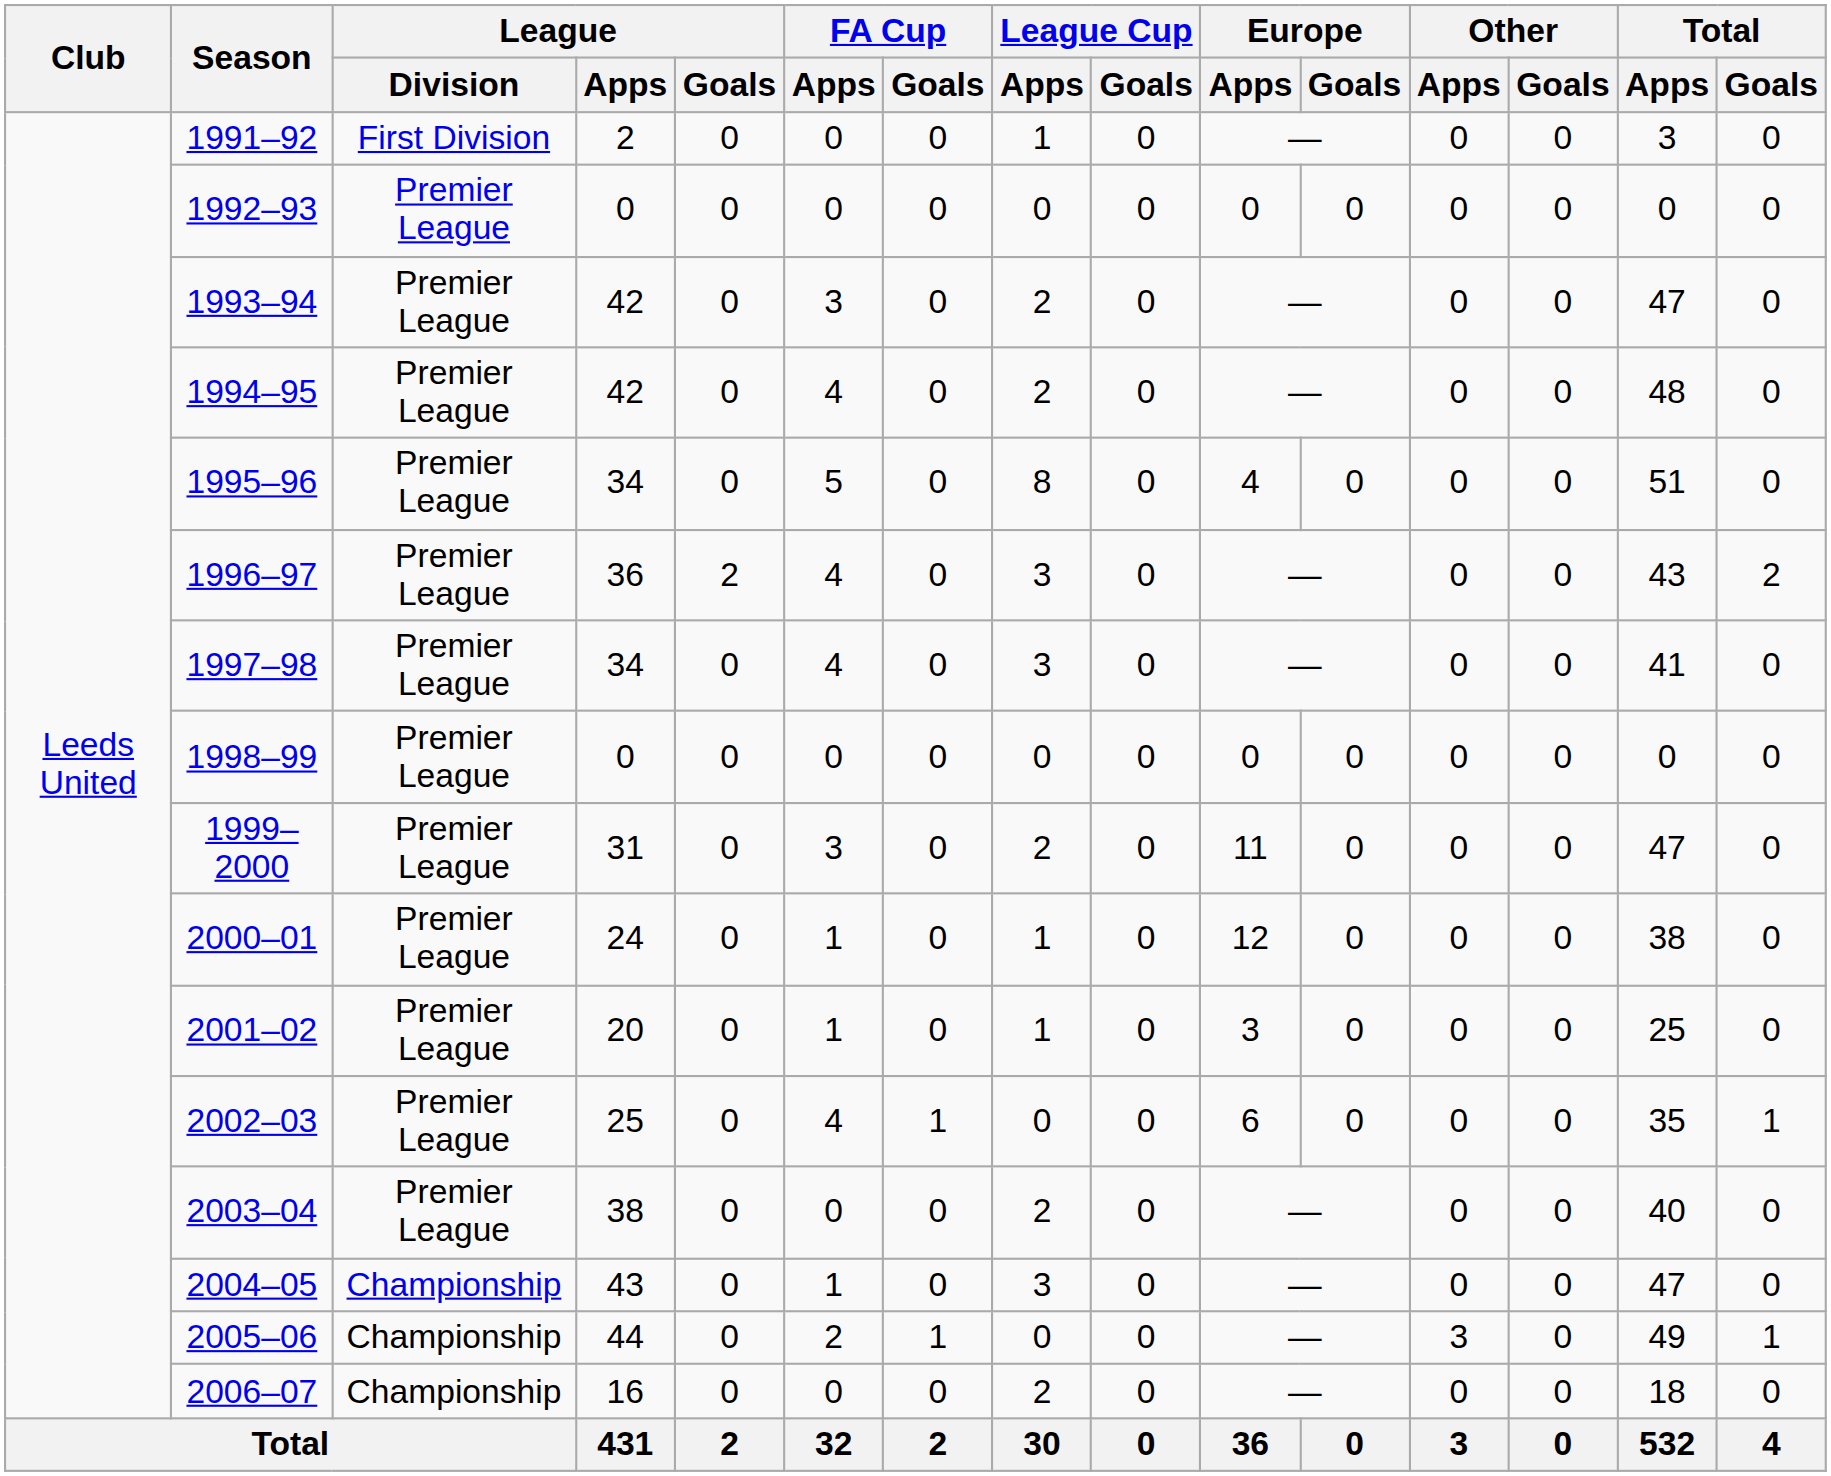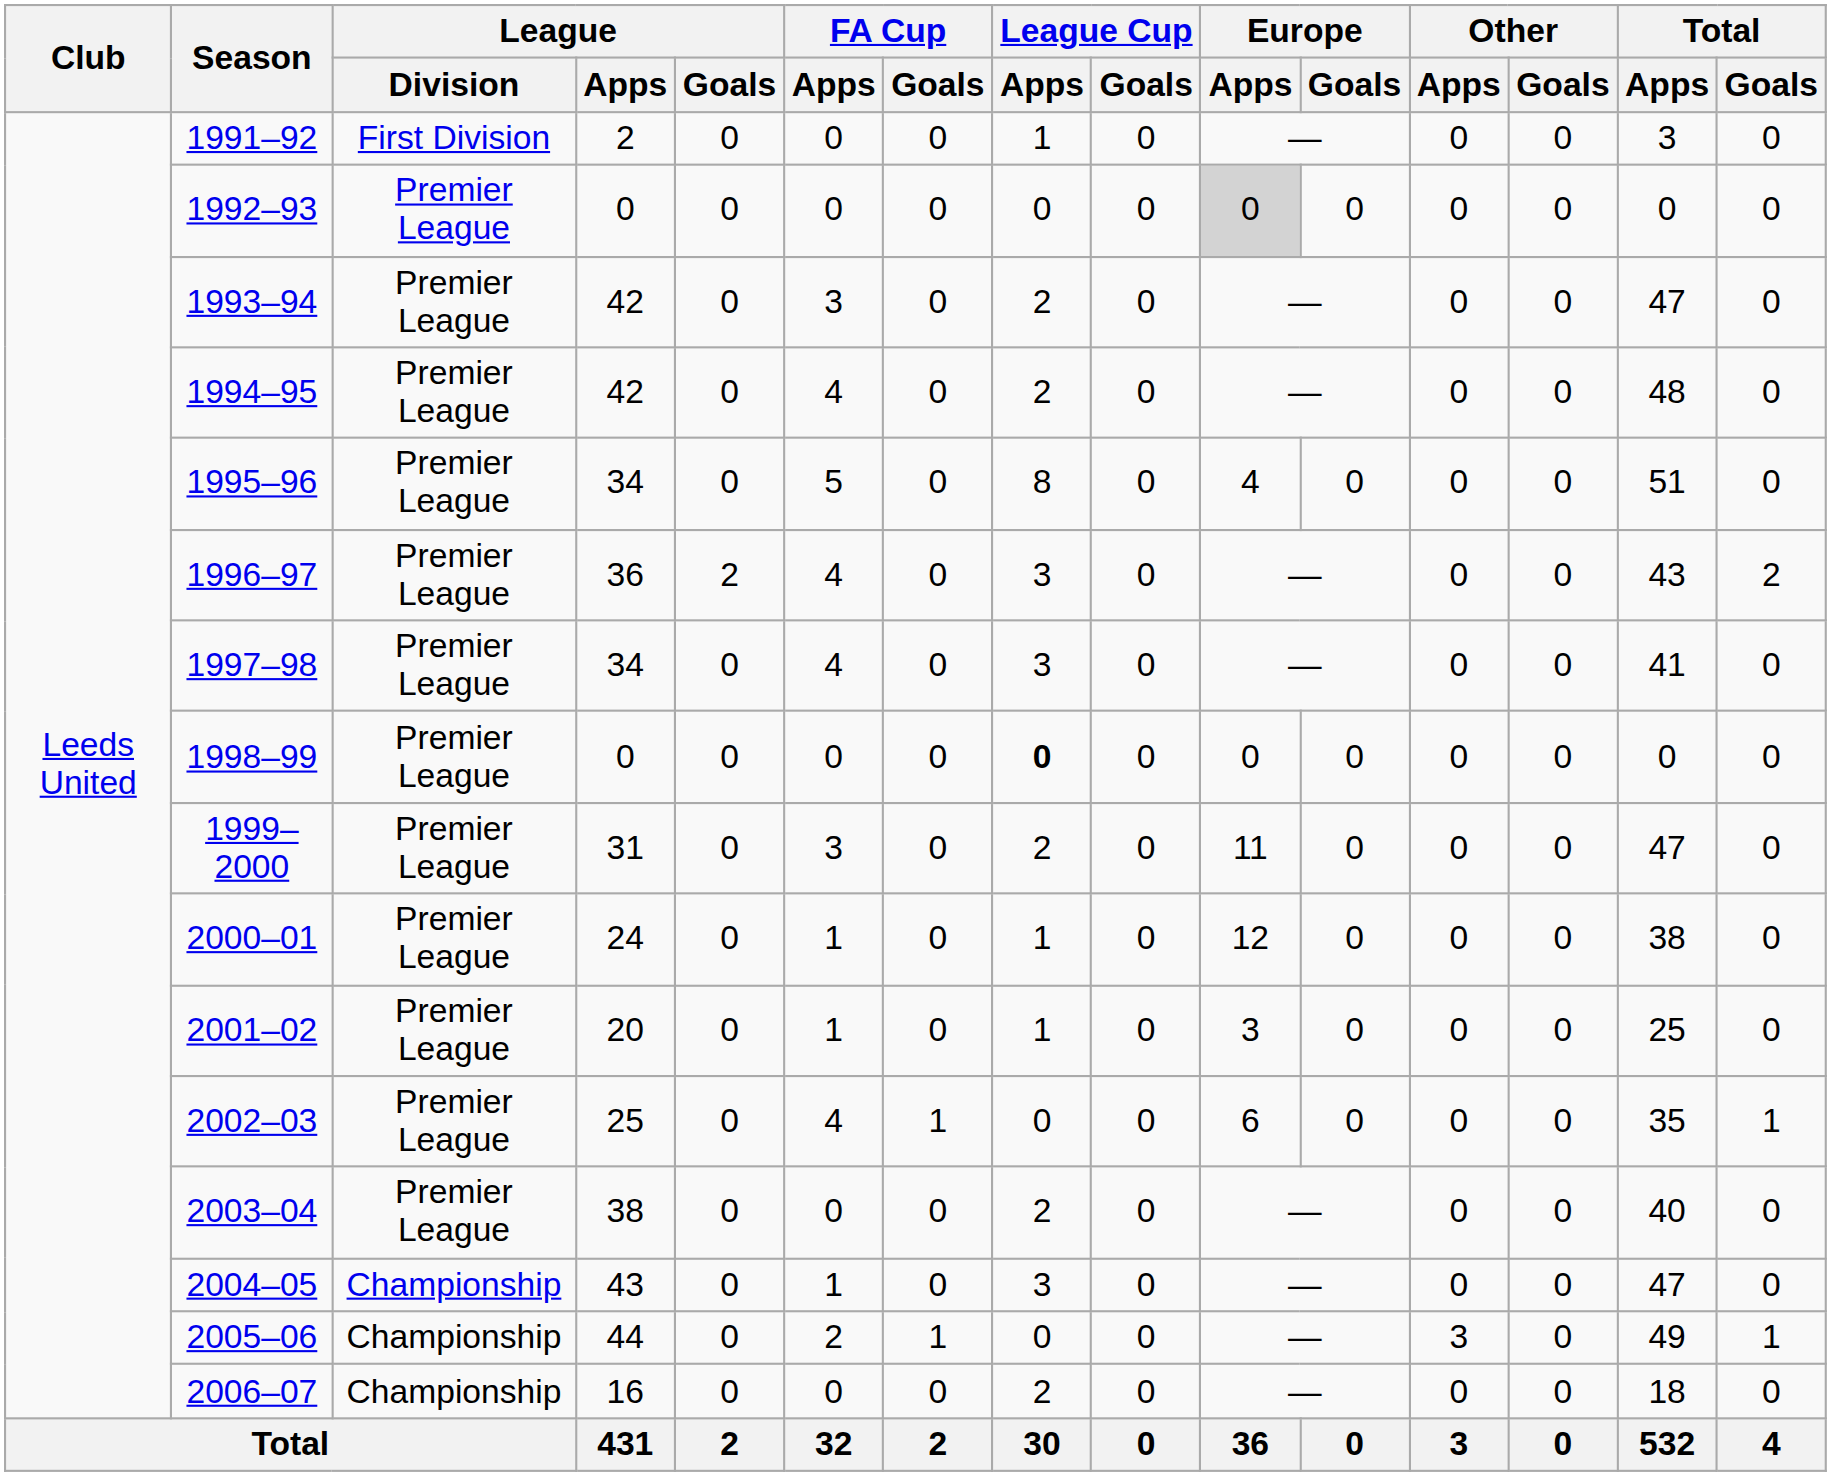 <table class="wikitable" style="text-align:center">
 <tr>
 <th rowspan="2">Club</th>
 <th rowspan="2">Season</th>
 <th colspan="3">League</th>
 <th colspan="2"><a href='#'>FA Cup</a></th>
 <th colspan="2"><a href='#'>League Cup</a></th>
 <th colspan="2">Europe</th>
 <th colspan="2">Other</th>
 <th colspan="2">Total</th>
 </tr>
 <tr>
 <th>Division</th>
 <th>Apps</th>
 <th>Goals</th>
 <th>Apps</th>
 <th>Goals</th>
 <th>Apps</th>
 <th>Goals</th>
 <th>Apps</th>
 <th>Goals</th>
 <th>Apps</th>
 <th>Goals</th>
 <th>Apps</th>
 <th>Goals</th>
 </tr>
 <tr>
 <td rowspan="16"><a href='#'>Leeds United</a></td>
 <td><a href='#'>1991–92</a></td>
 <td><a href='#'>First Division</a></td>
 <td>2</td>
 <td>0</td>
 <td>0</td>
 <td>0</td>
 <td>1</td>
 <td>0</td>
 <td colspan="2">—</td>
 <td>0</td>
 <td>0</td>
 <td>3</td>
 <td>0</td>
 </tr>
 <tr>
 <td><a href='#'>1992–93</a></td>
 <td><a href='#'>Premier League</a></td>
 <td>0</td>
 <td>0</td>
 <td>0</td>
 <td>0</td>
 <td>0</td>
 <td>0</td>
-<td>0</td>
+<td style="background: lightgrey;">0</td>
 <td>0</td>
 <td>0</td>
 <td>0</td>
 <td>0</td>
 <td>0</td>
 </tr>
 <tr>
 <td><a href='#'>1993–94</a></td>
 <td>Premier League</td>
 <td>42</td>
 <td>0</td>
 <td>3</td>
 <td>0</td>
 <td>2</td>
 <td>0</td>
 <td colspan="2">—</td>
 <td>0</td>
 <td>0</td>
 <td>47</td>
 <td>0</td>
 </tr>
 <tr>
 <td><a href='#'>1994–95</a></td>
 <td>Premier League</td>
 <td>42</td>
 <td>0</td>
 <td>4</td>
 <td>0</td>
 <td>2</td>
 <td>0</td>
 <td colspan="2">—</td>
 <td>0</td>
 <td>0</td>
 <td>48</td>
 <td>0</td>
 </tr>
 <tr>
 <td><a href='#'>1995–96</a></td>
 <td>Premier League</td>
 <td>34</td>
 <td>0</td>
 <td>5</td>
 <td>0</td>
 <td>8</td>
 <td>0</td>
 <td>4</td>
 <td>0</td>
 <td>0</td>
 <td>0</td>
 <td>51</td>
 <td>0</td>
 </tr>
 <tr>
 <td><a href='#'>1996–97</a></td>
 <td>Premier League</td>
 <td>36</td>
 <td>2</td>
 <td>4</td>
 <td>0</td>
 <td>3</td>
 <td>0</td>
 <td colspan="2">—</td>
 <td>0</td>
 <td>0</td>
 <td>43</td>
 <td>2</td>
 </tr>
 <tr>
 <td><a href='#'>1997–98</a></td>
 <td>Premier League</td>
 <td>34</td>
 <td>0</td>
 <td>4</td>
 <td>0</td>
 <td>3</td>
 <td>0</td>
 <td colspan="2">—</td>
 <td>0</td>
 <td>0</td>
 <td>41</td>
 <td>0</td>
 </tr>
 <tr>
 <td><a href='#'>1998–99</a></td>
 <td>Premier League</td>
 <td>0</td>
 <td>0</td>
 <td>0</td>
 <td>0</td>
-<td>0</td>
+<td><strong>0</strong></td>
 <td>0</td>
 <td>0</td>
 <td>0</td>
 <td>0</td>
 <td>0</td>
 <td>0</td>
 <td>0</td>
 </tr>
 <tr>
 <td><a href='#'>1999–2000</a></td>
 <td>Premier League</td>
 <td>31</td>
 <td>0</td>
 <td>3</td>
 <td>0</td>
 <td>2</td>
 <td>0</td>
 <td>11</td>
 <td>0</td>
 <td>0</td>
 <td>0</td>
 <td>47</td>
 <td>0</td>
 </tr>
 <tr>
 <td><a href='#'>2000–01</a></td>
 <td>Premier League</td>
 <td>24</td>
 <td>0</td>
 <td>1</td>
 <td>0</td>
 <td>1</td>
 <td>0</td>
 <td>12</td>
 <td>0</td>
 <td>0</td>
 <td>0</td>
 <td>38</td>
 <td>0</td>
 </tr>
 <tr>
 <td><a href='#'>2001–02</a></td>
 <td>Premier League</td>
 <td>20</td>
 <td>0</td>
 <td>1</td>
 <td>0</td>
 <td>1</td>
 <td>0</td>
 <td>3</td>
 <td>0</td>
 <td>0</td>
 <td>0</td>
 <td>25</td>
 <td>0</td>
 </tr>
 <tr>
 <td><a href='#'>2002–03</a></td>
 <td>Premier League</td>
 <td>25</td>
 <td>0</td>
 <td>4</td>
 <td>1</td>
 <td>0</td>
 <td>0</td>
 <td>6</td>
 <td>0</td>
 <td>0</td>
 <td>0</td>
 <td>35</td>
 <td>1</td>
 </tr>
 <tr>
 <td><a href='#'>2003–04</a></td>
 <td>Premier League</td>
 <td>38</td>
 <td>0</td>
 <td>0</td>
 <td>0</td>
 <td>2</td>
 <td>0</td>
 <td colspan="2">—</td>
 <td>0</td>
 <td>0</td>
 <td>40</td>
 <td>0</td>
 </tr>
 <tr>
 <td><a href='#'>2004–05</a></td>
 <td><a href='#'>Championship</a></td>
 <td>43</td>
 <td>0</td>
 <td>1</td>
 <td>0</td>
 <td>3</td>
 <td>0</td>
 <td colspan="2">—</td>
 <td>0</td>
 <td>0</td>
 <td>47</td>
 <td>0</td>
 </tr>
 <tr>
 <td><a href='#'>2005–06</a></td>
 <td>Championship</td>
 <td>44</td>
 <td>0</td>
 <td>2</td>
 <td>1</td>
 <td>0</td>
 <td>0</td>
 <td colspan="2">—</td>
 <td>3</td>
 <td>0</td>
 <td>49</td>
 <td>1</td>
 </tr>
 <tr>
 <td><a href='#'>2006–07</a></td>
 <td>Championship</td>
 <td>16</td>
 <td>0</td>
 <td>0</td>
 <td>0</td>
 <td>2</td>
 <td>0</td>
 <td colspan="2">—</td>
 <td>0</td>
 <td>0</td>
 <td>18</td>
 <td>0</td>
 </tr>
 <tr>
 <th colspan="3">Total</th>
 <th>431</th>
 <th>2</th>
 <th>32</th>
 <th>2</th>
 <th>30</th>
 <th>0</th>
 <th>36</th>
 <th>0</th>
 <th>3</th>
 <th>0</th>
 <th>532</th>
 <th>4</th>
 </tr>
 </table>
